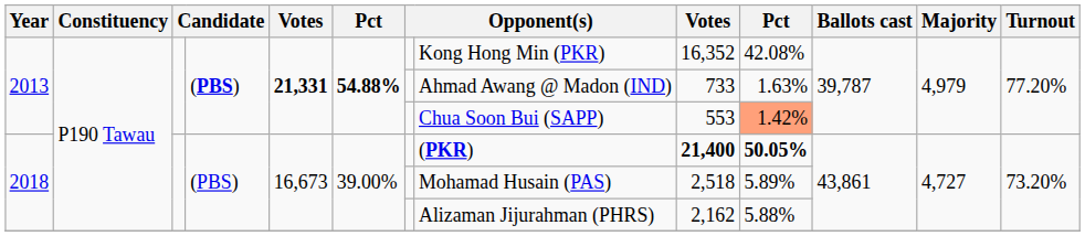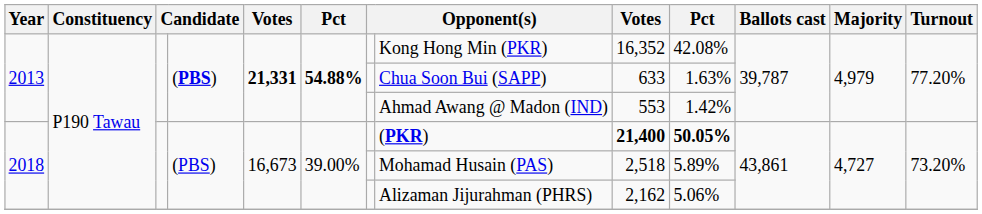 <table class="wikitable" style="margin:0.5em ; font-size:95%">
 <tr>
 <th>Year</th>
 <th>Constituency</th>
 <th colspan=2>Candidate</th>
 <th>Votes</th>
 <th>Pct</th>
 <th colspan=2>Opponent(s)</th>
 <th>Votes</th>
 <th>Pct</th>
 <th>Ballots cast</th>
 <th>Majority</th>
 <th>Turnout</th>
 </tr>
 <tr>
 <td rowspan=3><a href='#'>2013</a></td>
 <td rowspan=6>P190 <a href='#'>Tawau</a></td>
 <td rowspan=3 ></td>
 <td rowspan=3><strong></strong> (<a href='#'><strong>PBS</strong></a>)</td>
 <td rowspan=3 align=right><strong>21,331</strong></td>
 <td rowspan=3><strong>54.88%</strong></td>
 <td></td>
 <td>Kong Hong Min (<a href='#'>PKR</a>)</td>
 <td align="right">16,352</td>
 <td>42.08%</td>
 <td rowspan=3>39,787</td>
 <td rowspan=3>4,979</td>
 <td rowspan=3>77.20%</td>
 </tr>
 <tr>
 <td></td>
-<td>Ahmad Awang @ Madon (<a href='#'>IND</a>)</td>
-<td align=right>733</td>
+<td><a href='#'>Chua Soon Bui</a> (<a href='#'>SAPP</a>)</td>
+<td align=right>633</td>
 <td align=right>1.63%</td>
 </tr>
 <tr>
 <td></td>
-<td><a href='#'>Chua Soon Bui</a> (<a href='#'>SAPP</a>)</td>
+<td>Ahmad Awang @ Madon (<a href='#'>IND</a>)</td>
 <td align=right>553</td>
-<td align=right style="background: lightsalmon;">1.42%</td>
+<td align=right>1.42%</td>
 </tr>
 <tr>
 <td rowspan=3><a href='#'>2018</a></td>
 <td rowspan=3 ></td>
 <td rowspan=3> (<a href='#'>PBS</a>)</td>
 <td rowspan=3 align=right>16,673</td>
 <td rowspan=3>39.00%</td>
 <td></td>
 <td> (<a href='#'><strong>PKR</strong></a>)</td>
 <td align="right"><strong>21,400</strong></td>
 <td><strong>50.05%</strong></td>
 <td rowspan=3>43,861</td>
 <td rowspan=3>4,727</td>
 <td rowspan=3>73.20%</td>
 </tr>
 <tr>
 <td></td>
 <td>Mohamad Husain	(<a href='#'>PAS</a>)</td>
 <td align=right>2,518</td>
 <td aign=right>5.89%</td>
 </tr>
 <tr>
 <td></td>
 <td>Alizaman Jijurahman (PHRS)</td>
 <td align=right>2,162</td>
-<td>5.88%</td>
+<td>5.06%</td>
 </tr>
 <tr>
 </tr>
 </table>
